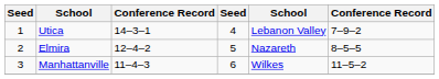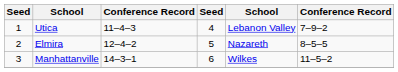 <table class="wikitable">
 <tr>
 <th>Seed</th>
 <th>School</th>
 <th>Conference Record</th>
 <th>Seed</th>
 <th>School</th>
 <th>Conference Record</th>
 </tr>
 <tr>
 <td align=center>1</td>
 <td><a href='#'>Utica</a></td>
-<td>14–3–1</td>
+<td>11–4–3</td>
 <td align=center>4</td>
 <td><a href='#'>Lebanon Valley</a></td>
 <td>7–9–2</td>
 </tr>
 <tr>
 <td align=center>2</td>
 <td><a href='#'>Elmira</a></td>
 <td>12–4–2</td>
 <td align=center>5</td>
 <td><a href='#'>Nazareth</a></td>
 <td>8–5–5</td>
 </tr>
 <tr>
 <td align=center>3</td>
 <td><a href='#'>Manhattanville</a></td>
-<td>11–4–3</td>
+<td>14–3–1</td>
 <td align=center>6</td>
 <td><a href='#'>Wilkes</a></td>
 <td>11–5–2</td>
 </tr>
 <tr>
 </tr>
 </table>
